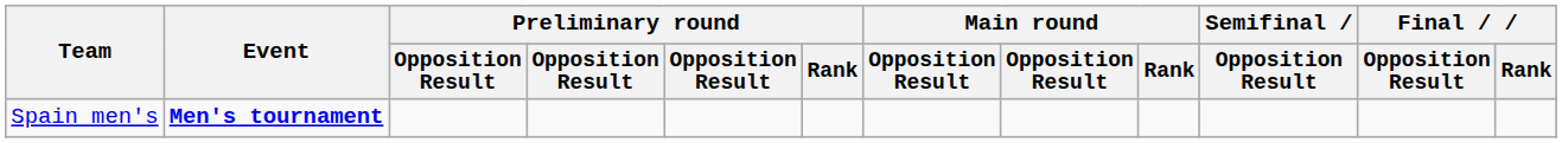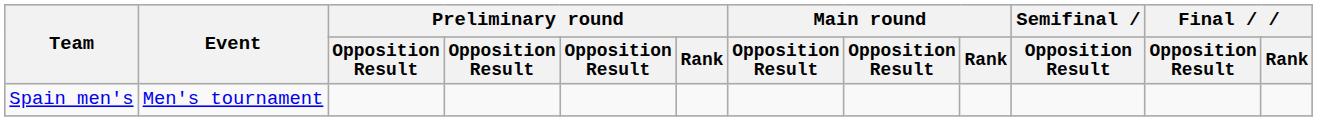 <table class=wikitable style=font-size:90%>
 <tr>
 <th rowspan=2>Team</th>
 <th rowspan=2>Event</th>
 <th colspan=4>Preliminary round</th>
 <th colspan=3>Main round</th>
 <th>Semifinal / </th>
 <th colspan=2>Final /  / </th>
 </tr>
 <tr style=font-size:95%>
 <th>Opposition<br>Result</th>
 <th>Opposition<br>Result</th>
 <th>Opposition<br>Result</th>
 <th>Rank</th>
 <th>Opposition<br>Result</th>
 <th>Opposition<br>Result</th>
 <th>Rank</th>
 <th>Opposition<br>Result</th>
 <th>Opposition<br>Result</th>
 <th>Rank</th>
 </tr>
 <tr align=center>
 <td align=left><a href='#'>Spain men's</a></td>
-<td align=left><strong><a href='#'>Men's tournament</a></strong></td>
+<td align=left><a href='#'>Men's tournament</a></td>
 <td></td>
 <td></td>
 <td></td>
 <td></td>
 <td></td>
 <td></td>
 <td></td>
 <td></td>
 <td></td>
 </tr>
 </table>
